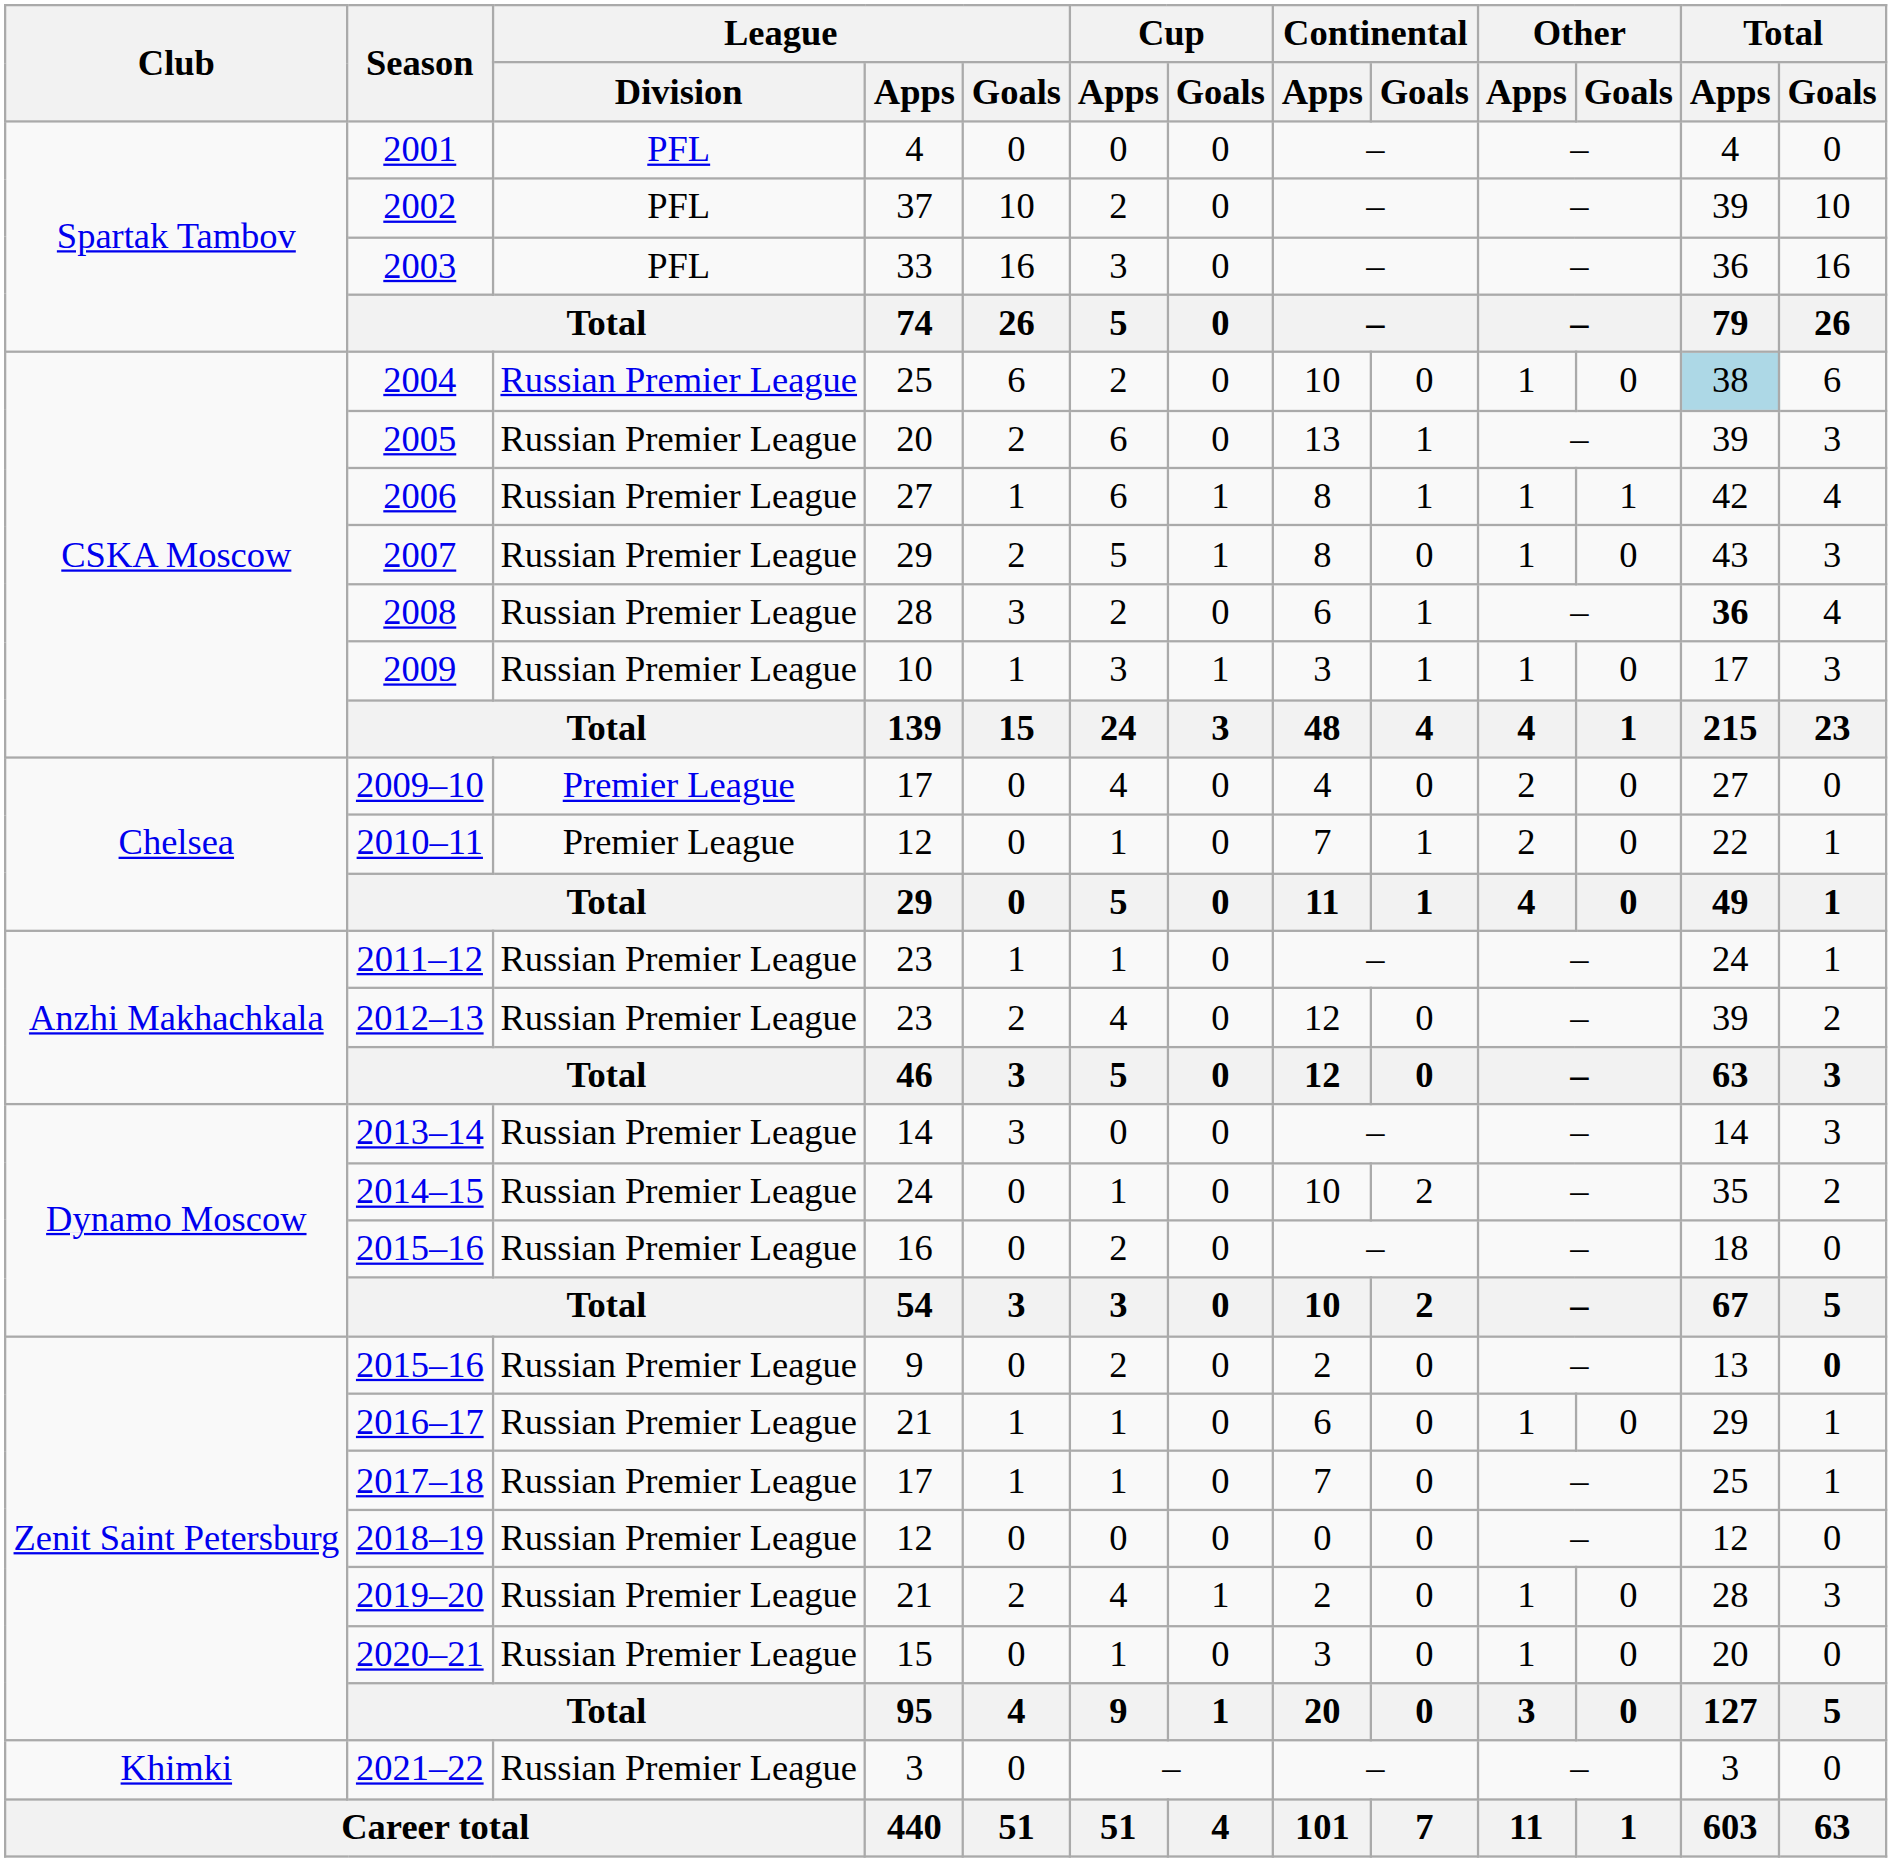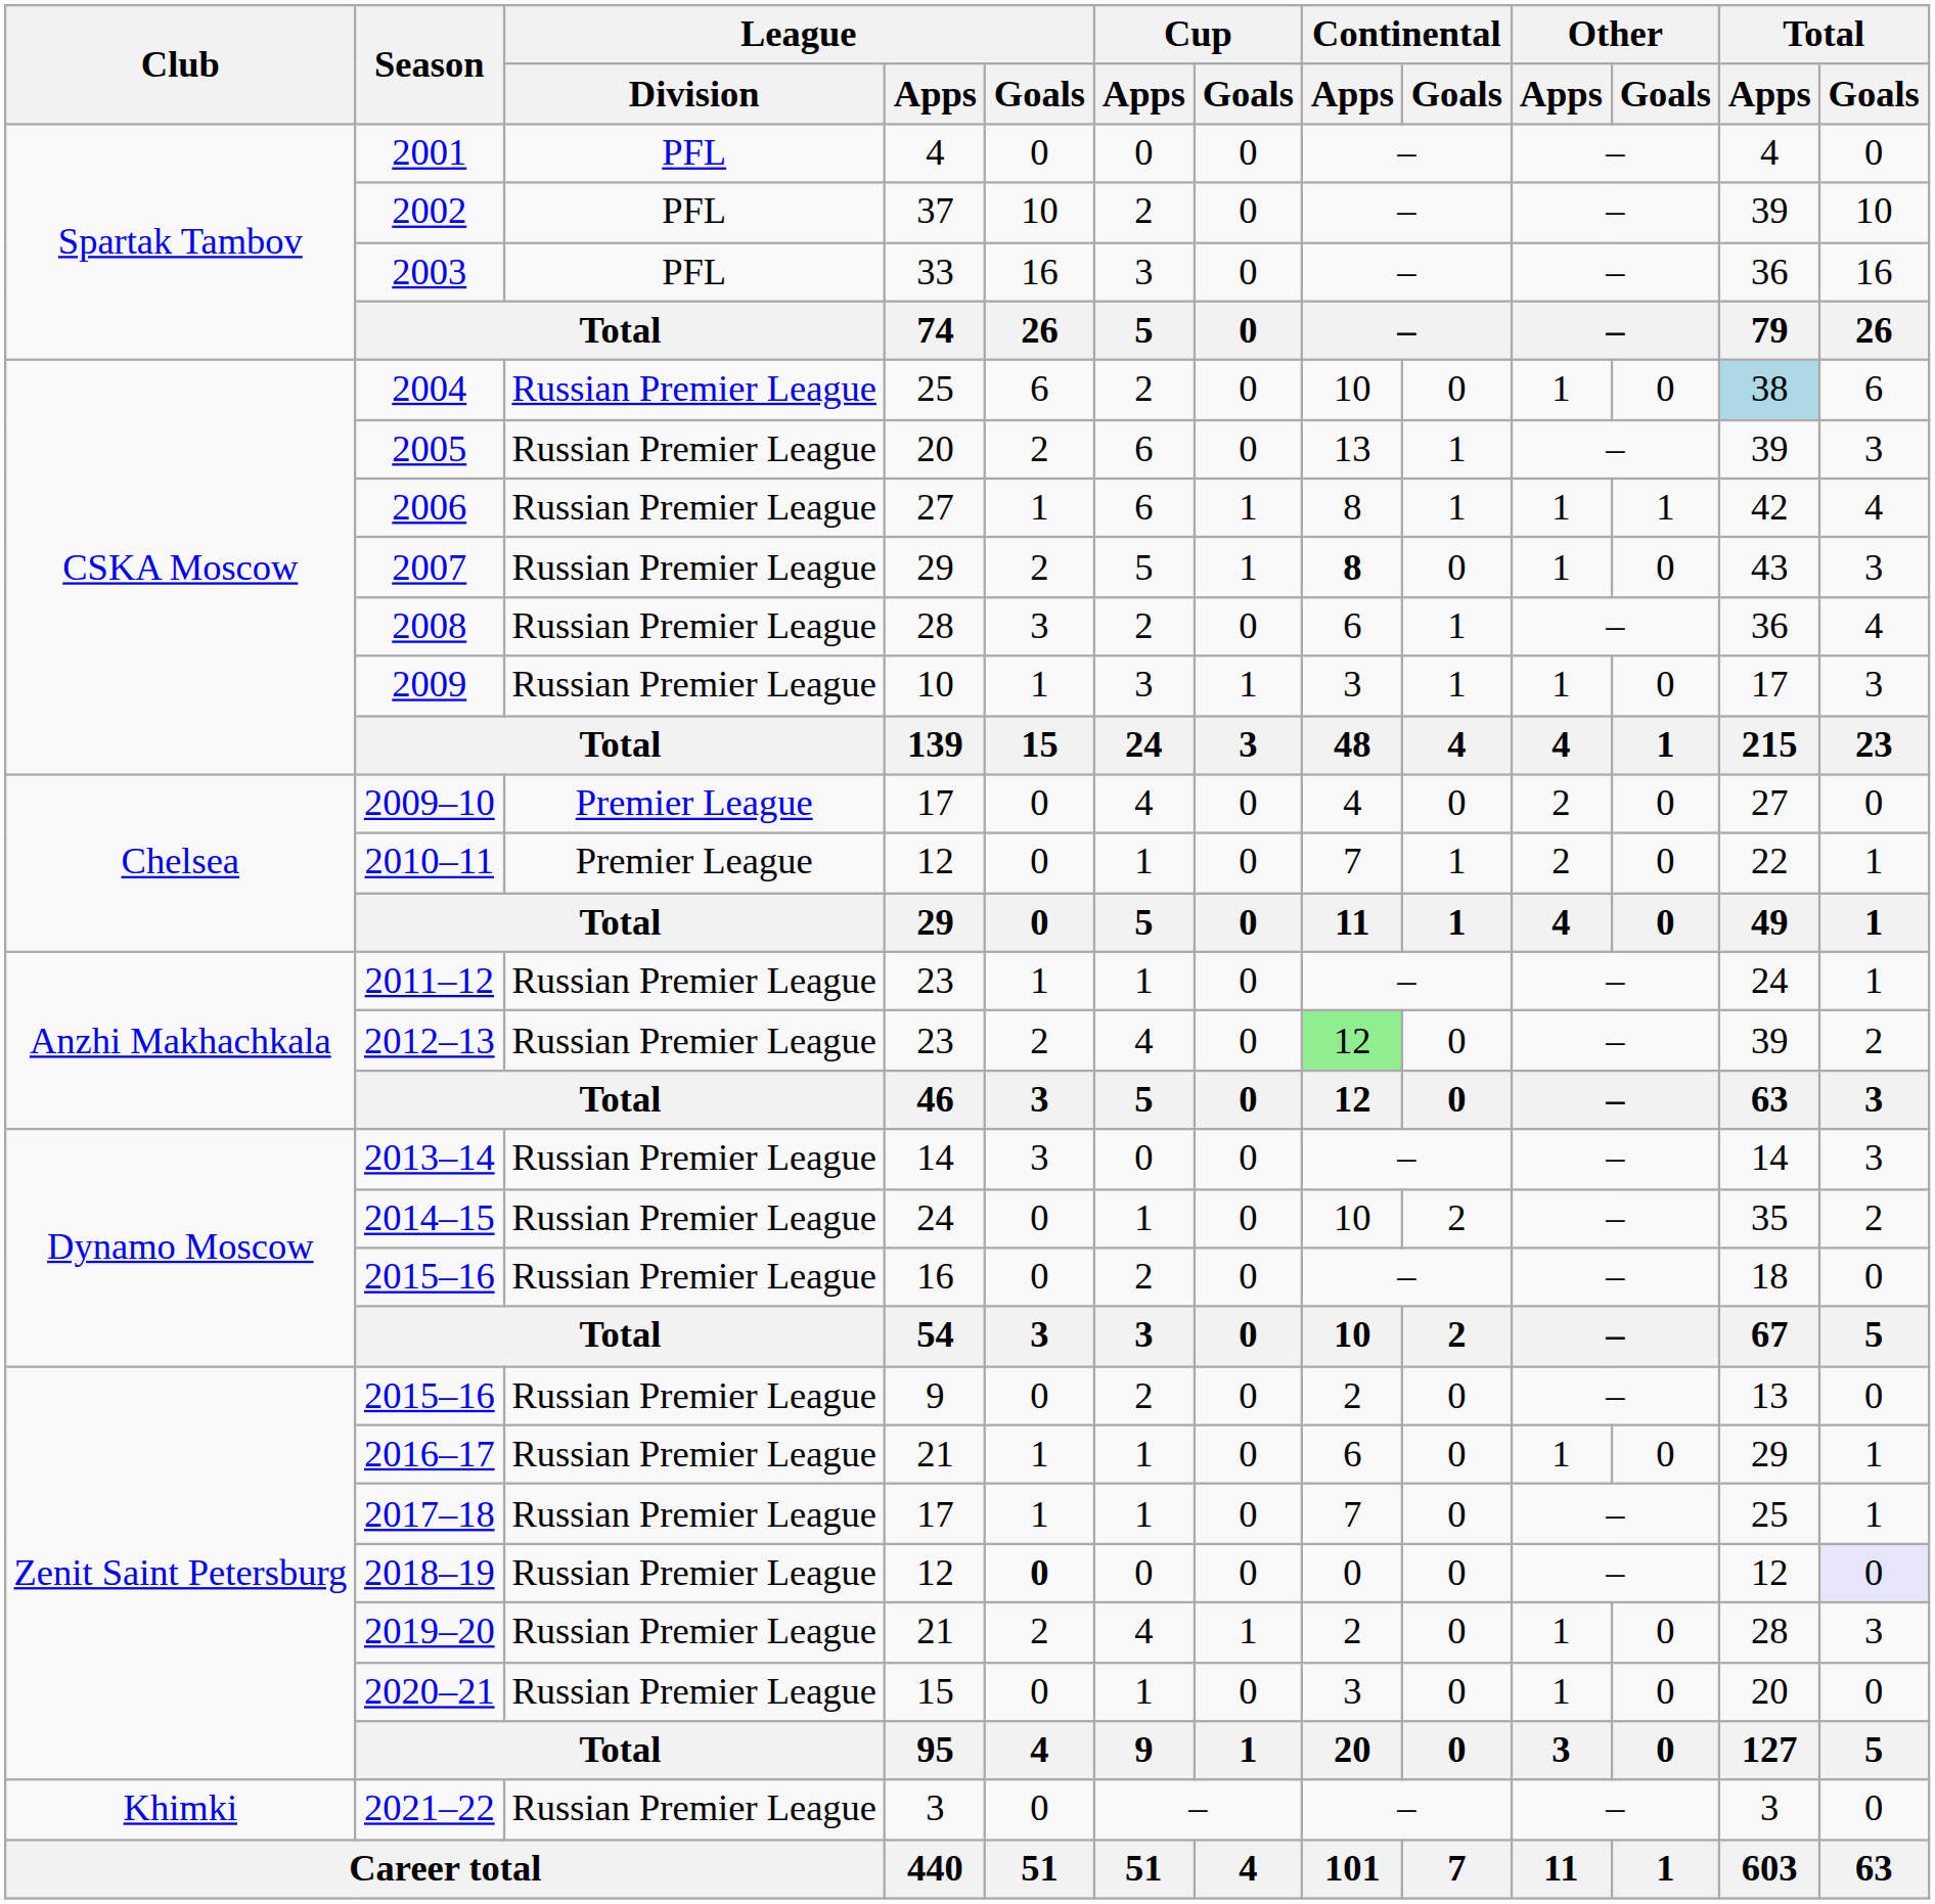 <table class="wikitable" style="text-align: center;">
 <tr>
 <th rowspan="2">Club</th>
 <th rowspan="2">Season</th>
 <th colspan="3">League</th>
 <th colspan="2">Cup</th>
 <th colspan="2">Continental</th>
 <th colspan="2">Other</th>
 <th colspan="2">Total</th>
 </tr>
 <tr>
 <th>Division</th>
 <th>Apps</th>
 <th>Goals</th>
 <th>Apps</th>
 <th>Goals</th>
 <th>Apps</th>
 <th>Goals</th>
 <th>Apps</th>
 <th>Goals</th>
 <th>Apps</th>
 <th>Goals</th>
 </tr>
 <tr>
 <td rowspan="4"><a href='#'>Spartak Tambov</a></td>
 <td><a href='#'>2001</a></td>
 <td><a href='#'>PFL</a></td>
 <td>4</td>
 <td>0</td>
 <td>0</td>
 <td>0</td>
 <td colspan="2">–</td>
 <td colspan="2">–</td>
 <td>4</td>
 <td>0</td>
 </tr>
 <tr>
 <td><a href='#'>2002</a></td>
 <td>PFL</td>
 <td>37</td>
 <td>10</td>
 <td>2</td>
 <td>0</td>
 <td colspan="2">–</td>
 <td colspan="2">–</td>
 <td>39</td>
 <td>10</td>
 </tr>
 <tr>
 <td><a href='#'>2003</a></td>
 <td>PFL</td>
 <td>33</td>
 <td>16</td>
 <td>3</td>
 <td>0</td>
 <td colspan="2">–</td>
 <td colspan="2">–</td>
 <td>36</td>
 <td>16</td>
 </tr>
 <tr>
 <th colspan="2">Total</th>
 <th>74</th>
 <th>26</th>
 <th>5</th>
 <th>0</th>
 <th colspan="2">–</th>
 <th colspan="2">–</th>
 <th>79</th>
 <th>26</th>
 </tr>
 <tr>
 <td rowspan="7"><a href='#'>CSKA Moscow</a></td>
 <td><a href='#'>2004</a></td>
 <td><a href='#'>Russian Premier League</a></td>
 <td>25</td>
 <td>6</td>
 <td>2</td>
 <td>0</td>
 <td>10</td>
 <td>0</td>
 <td>1</td>
 <td>0</td>
 <td style="background: lightblue;">38</td>
 <td>6</td>
 </tr>
 <tr>
 <td><a href='#'>2005</a></td>
 <td>Russian Premier League</td>
 <td>20</td>
 <td>2</td>
 <td>6</td>
 <td>0</td>
 <td>13</td>
 <td>1</td>
 <td colspan="2">–</td>
 <td>39</td>
 <td>3</td>
 </tr>
 <tr>
 <td><a href='#'>2006</a></td>
 <td>Russian Premier League</td>
 <td>27</td>
 <td>1</td>
 <td>6</td>
 <td>1</td>
 <td>8</td>
 <td>1</td>
 <td>1</td>
 <td>1</td>
 <td>42</td>
 <td>4</td>
 </tr>
 <tr>
 <td><a href='#'>2007</a></td>
 <td>Russian Premier League</td>
 <td>29</td>
 <td>2</td>
 <td>5</td>
 <td>1</td>
-<td>8</td>
+<td><strong>8</strong></td>
 <td>0</td>
 <td>1</td>
 <td>0</td>
 <td>43</td>
 <td>3</td>
 </tr>
 <tr>
 <td><a href='#'>2008</a></td>
 <td>Russian Premier League</td>
 <td>28</td>
 <td>3</td>
 <td>2</td>
 <td>0</td>
 <td>6</td>
 <td>1</td>
 <td colspan="2">–</td>
-<td><strong>36</strong></td>
+<td>36</td>
 <td>4</td>
 </tr>
 <tr>
 <td><a href='#'>2009</a></td>
 <td>Russian Premier League</td>
 <td>10</td>
 <td>1</td>
 <td>3</td>
 <td>1</td>
 <td>3</td>
 <td>1</td>
 <td>1</td>
 <td>0</td>
 <td>17</td>
 <td>3</td>
 </tr>
 <tr>
 <th colspan="2">Total</th>
 <th>139</th>
 <th>15</th>
 <th>24</th>
 <th>3</th>
 <th>48</th>
 <th>4</th>
 <th>4</th>
 <th>1</th>
 <th>215</th>
 <th>23</th>
 </tr>
 <tr>
 <td rowspan="3"><a href='#'>Chelsea</a></td>
 <td><a href='#'>2009–10</a></td>
 <td><a href='#'>Premier League</a></td>
 <td>17</td>
 <td>0</td>
 <td>4</td>
 <td>0</td>
 <td>4</td>
 <td>0</td>
 <td>2</td>
 <td>0</td>
 <td>27</td>
 <td>0</td>
 </tr>
 <tr>
 <td><a href='#'>2010–11</a></td>
 <td>Premier League</td>
 <td>12</td>
 <td>0</td>
 <td>1</td>
 <td>0</td>
 <td>7</td>
 <td>1</td>
 <td>2</td>
 <td>0</td>
 <td>22</td>
 <td>1</td>
 </tr>
 <tr>
 <th colspan="2">Total</th>
 <th>29</th>
 <th>0</th>
 <th>5</th>
 <th>0</th>
 <th>11</th>
 <th>1</th>
 <th>4</th>
 <th>0</th>
 <th>49</th>
 <th>1</th>
 </tr>
 <tr>
 <td rowspan="3"><a href='#'>Anzhi Makhachkala</a></td>
 <td><a href='#'>2011–12</a></td>
 <td>Russian Premier League</td>
 <td>23</td>
 <td>1</td>
 <td>1</td>
 <td>0</td>
 <td colspan="2">–</td>
 <td colspan="2">–</td>
 <td>24</td>
 <td>1</td>
 </tr>
 <tr>
 <td><a href='#'>2012–13</a></td>
 <td>Russian Premier League</td>
 <td>23</td>
 <td>2</td>
 <td>4</td>
 <td>0</td>
-<td>12</td>
+<td style="background: lightgreen;">12</td>
 <td>0</td>
 <td colspan="2">–</td>
 <td>39</td>
 <td>2</td>
 </tr>
 <tr>
 <th colspan="2">Total</th>
 <th>46</th>
 <th>3</th>
 <th>5</th>
 <th>0</th>
 <th>12</th>
 <th>0</th>
 <th colspan="2">–</th>
 <th>63</th>
 <th>3</th>
 </tr>
 <tr>
 <td rowspan="4"><a href='#'>Dynamo Moscow</a></td>
 <td><a href='#'>2013–14</a></td>
 <td>Russian Premier League</td>
 <td>14</td>
 <td>3</td>
 <td>0</td>
 <td>0</td>
 <td colspan="2">–</td>
 <td colspan="2">–</td>
 <td>14</td>
 <td>3</td>
 </tr>
 <tr>
 <td><a href='#'>2014–15</a></td>
 <td>Russian Premier League</td>
 <td>24</td>
 <td>0</td>
 <td>1</td>
 <td>0</td>
 <td>10</td>
 <td>2</td>
 <td colspan="2">–</td>
 <td>35</td>
 <td>2</td>
 </tr>
 <tr>
 <td><a href='#'>2015–16</a></td>
 <td>Russian Premier League</td>
 <td>16</td>
 <td>0</td>
 <td>2</td>
 <td>0</td>
 <td colspan="2">–</td>
 <td colspan="2">–</td>
 <td>18</td>
 <td>0</td>
 </tr>
 <tr>
 <th colspan="2">Total</th>
 <th>54</th>
 <th>3</th>
 <th>3</th>
 <th>0</th>
 <th>10</th>
 <th>2</th>
 <th colspan="2">–</th>
 <th>67</th>
 <th>5</th>
 </tr>
 <tr>
 <td rowspan="7"><a href='#'>Zenit Saint Petersburg</a></td>
 <td><a href='#'>2015–16</a></td>
 <td>Russian Premier League</td>
 <td>9</td>
 <td>0</td>
 <td>2</td>
 <td>0</td>
 <td>2</td>
 <td>0</td>
 <td colspan="2">–</td>
 <td>13</td>
-<td><strong>0</strong></td>
+<td>0</td>
 </tr>
 <tr>
 <td><a href='#'>2016–17</a></td>
 <td>Russian Premier League</td>
 <td>21</td>
 <td>1</td>
 <td>1</td>
 <td>0</td>
 <td>6</td>
 <td>0</td>
 <td>1</td>
 <td>0</td>
 <td>29</td>
 <td>1</td>
 </tr>
 <tr>
 <td><a href='#'>2017–18</a></td>
 <td>Russian Premier League</td>
 <td>17</td>
 <td>1</td>
 <td>1</td>
 <td>0</td>
 <td>7</td>
 <td>0</td>
 <td colspan="2">–</td>
 <td>25</td>
 <td>1</td>
 </tr>
 <tr>
 <td><a href='#'>2018–19</a></td>
 <td>Russian Premier League</td>
 <td>12</td>
-<td>0</td>
+<td><strong>0</strong></td>
 <td>0</td>
 <td>0</td>
 <td>0</td>
 <td>0</td>
 <td colspan="2">–</td>
 <td>12</td>
-<td>0</td>
+<td style="background: lavender;">0</td>
 </tr>
 <tr>
 <td><a href='#'>2019–20</a></td>
 <td>Russian Premier League</td>
 <td>21</td>
 <td>2</td>
 <td>4</td>
 <td>1</td>
 <td>2</td>
 <td>0</td>
 <td>1</td>
 <td>0</td>
 <td>28</td>
 <td>3</td>
 </tr>
 <tr>
 <td><a href='#'>2020–21</a></td>
 <td>Russian Premier League</td>
 <td>15</td>
 <td>0</td>
 <td>1</td>
 <td>0</td>
 <td>3</td>
 <td>0</td>
 <td>1</td>
 <td>0</td>
 <td>20</td>
 <td>0</td>
 </tr>
 <tr>
 <th colspan="2">Total</th>
 <th>95</th>
 <th>4</th>
 <th>9</th>
 <th>1</th>
 <th>20</th>
 <th>0</th>
 <th>3</th>
 <th>0</th>
 <th>127</th>
 <th>5</th>
 </tr>
 <tr>
 <td><a href='#'>Khimki</a></td>
 <td><a href='#'>2021–22</a></td>
 <td>Russian Premier League</td>
 <td>3</td>
 <td>0</td>
 <td colspan="2">–</td>
 <td colspan="2">–</td>
 <td colspan="2">–</td>
 <td>3</td>
 <td>0</td>
 </tr>
 <tr>
 <th colspan="3">Career total</th>
 <th>440</th>
 <th>51</th>
 <th>51</th>
 <th>4</th>
 <th>101</th>
 <th>7</th>
 <th>11</th>
 <th>1</th>
 <th>603</th>
 <th>63</th>
 </tr>
 </table>
